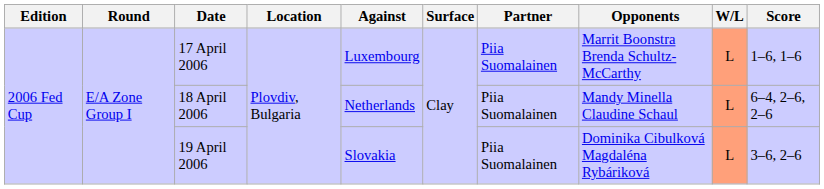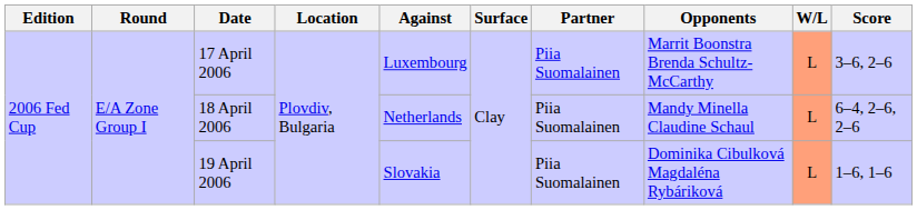 <table class=wikitable style=font-size:97%>
 <tr>
 <th>Edition</th>
 <th>Round</th>
 <th>Date</th>
 <th>Location</th>
 <th>Against</th>
 <th>Surface</th>
 <th>Partner</th>
 <th>Opponents</th>
 <th>W/L</th>
 <th>Score</th>
 </tr>
 <tr style="background:#ccccff;">
 <td rowspan="3"><a href='#'>2006 Fed Cup</a></td>
 <td rowspan="3"><a href='#'>E/A Zone Group I</a></td>
 <td>17 April 2006</td>
 <td rowspan="3"><a href='#'>Plovdiv</a>, Bulgaria</td>
 <td> <a href='#'>Luxembourg</a></td>
 <td rowspan="3">Clay</td>
 <td> <a href='#'>Piia Suomalainen</a></td>
 <td> <a href='#'>Marrit Boonstra</a> <br>  <a href='#'>Brenda Schultz-McCarthy</a></td>
 <td style="text-align:center; background:#ffa07a;">L</td>
-<td>1–6, 1–6</td>
+<td>3–6, 2–6</td>
 </tr>
 <tr style="background:#ccccff;">
 <td>18 April 2006</td>
 <td> <a href='#'>Netherlands</a></td>
 <td> Piia Suomalainen</td>
 <td> <a href='#'>Mandy Minella</a> <br>  <a href='#'>Claudine Schaul</a></td>
 <td style="text-align:center; background:#ffa07a;">L</td>
 <td>6–4, 2–6, 2–6</td>
 </tr>
 <tr style="background:#ccccff;">
 <td>19 April 2006</td>
 <td> <a href='#'>Slovakia</a></td>
 <td> Piia Suomalainen</td>
 <td> <a href='#'>Dominika Cibulková</a> <br>  <a href='#'>Magdaléna Rybáriková</a></td>
 <td style="text-align:center; background:#ffa07a;">L</td>
-<td>3–6, 2–6</td>
+<td>1–6, 1–6</td>
 </tr>
 </table>
